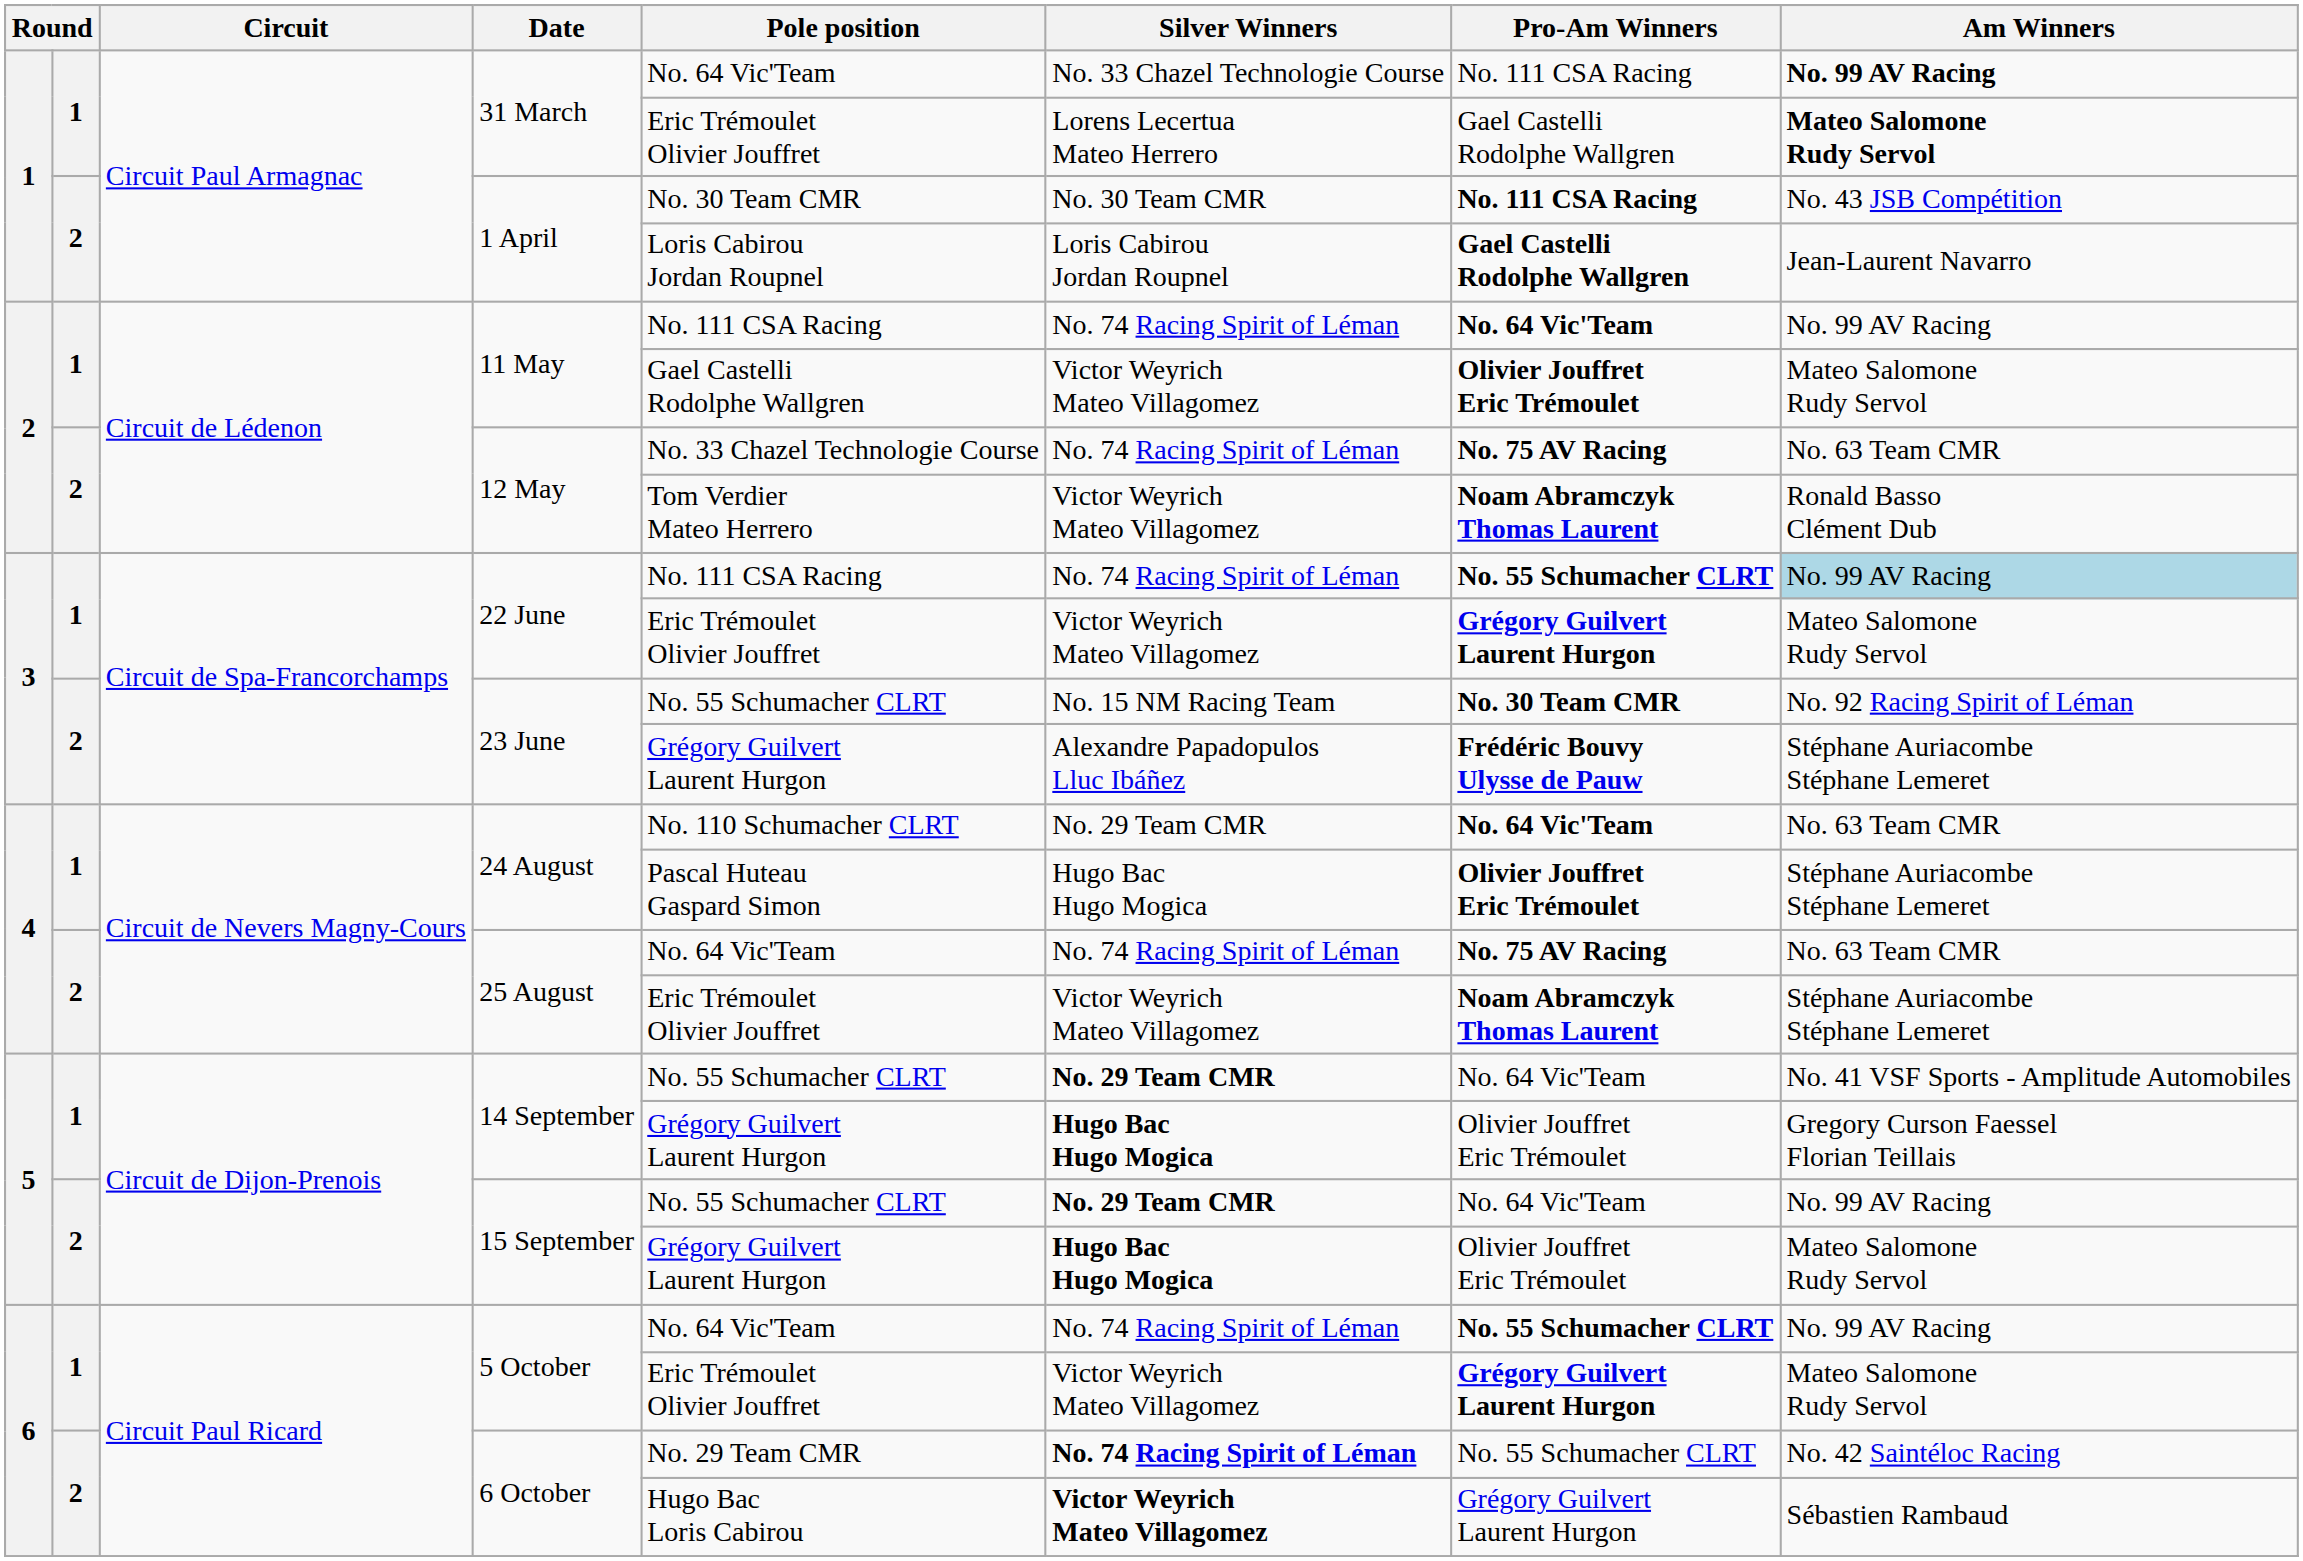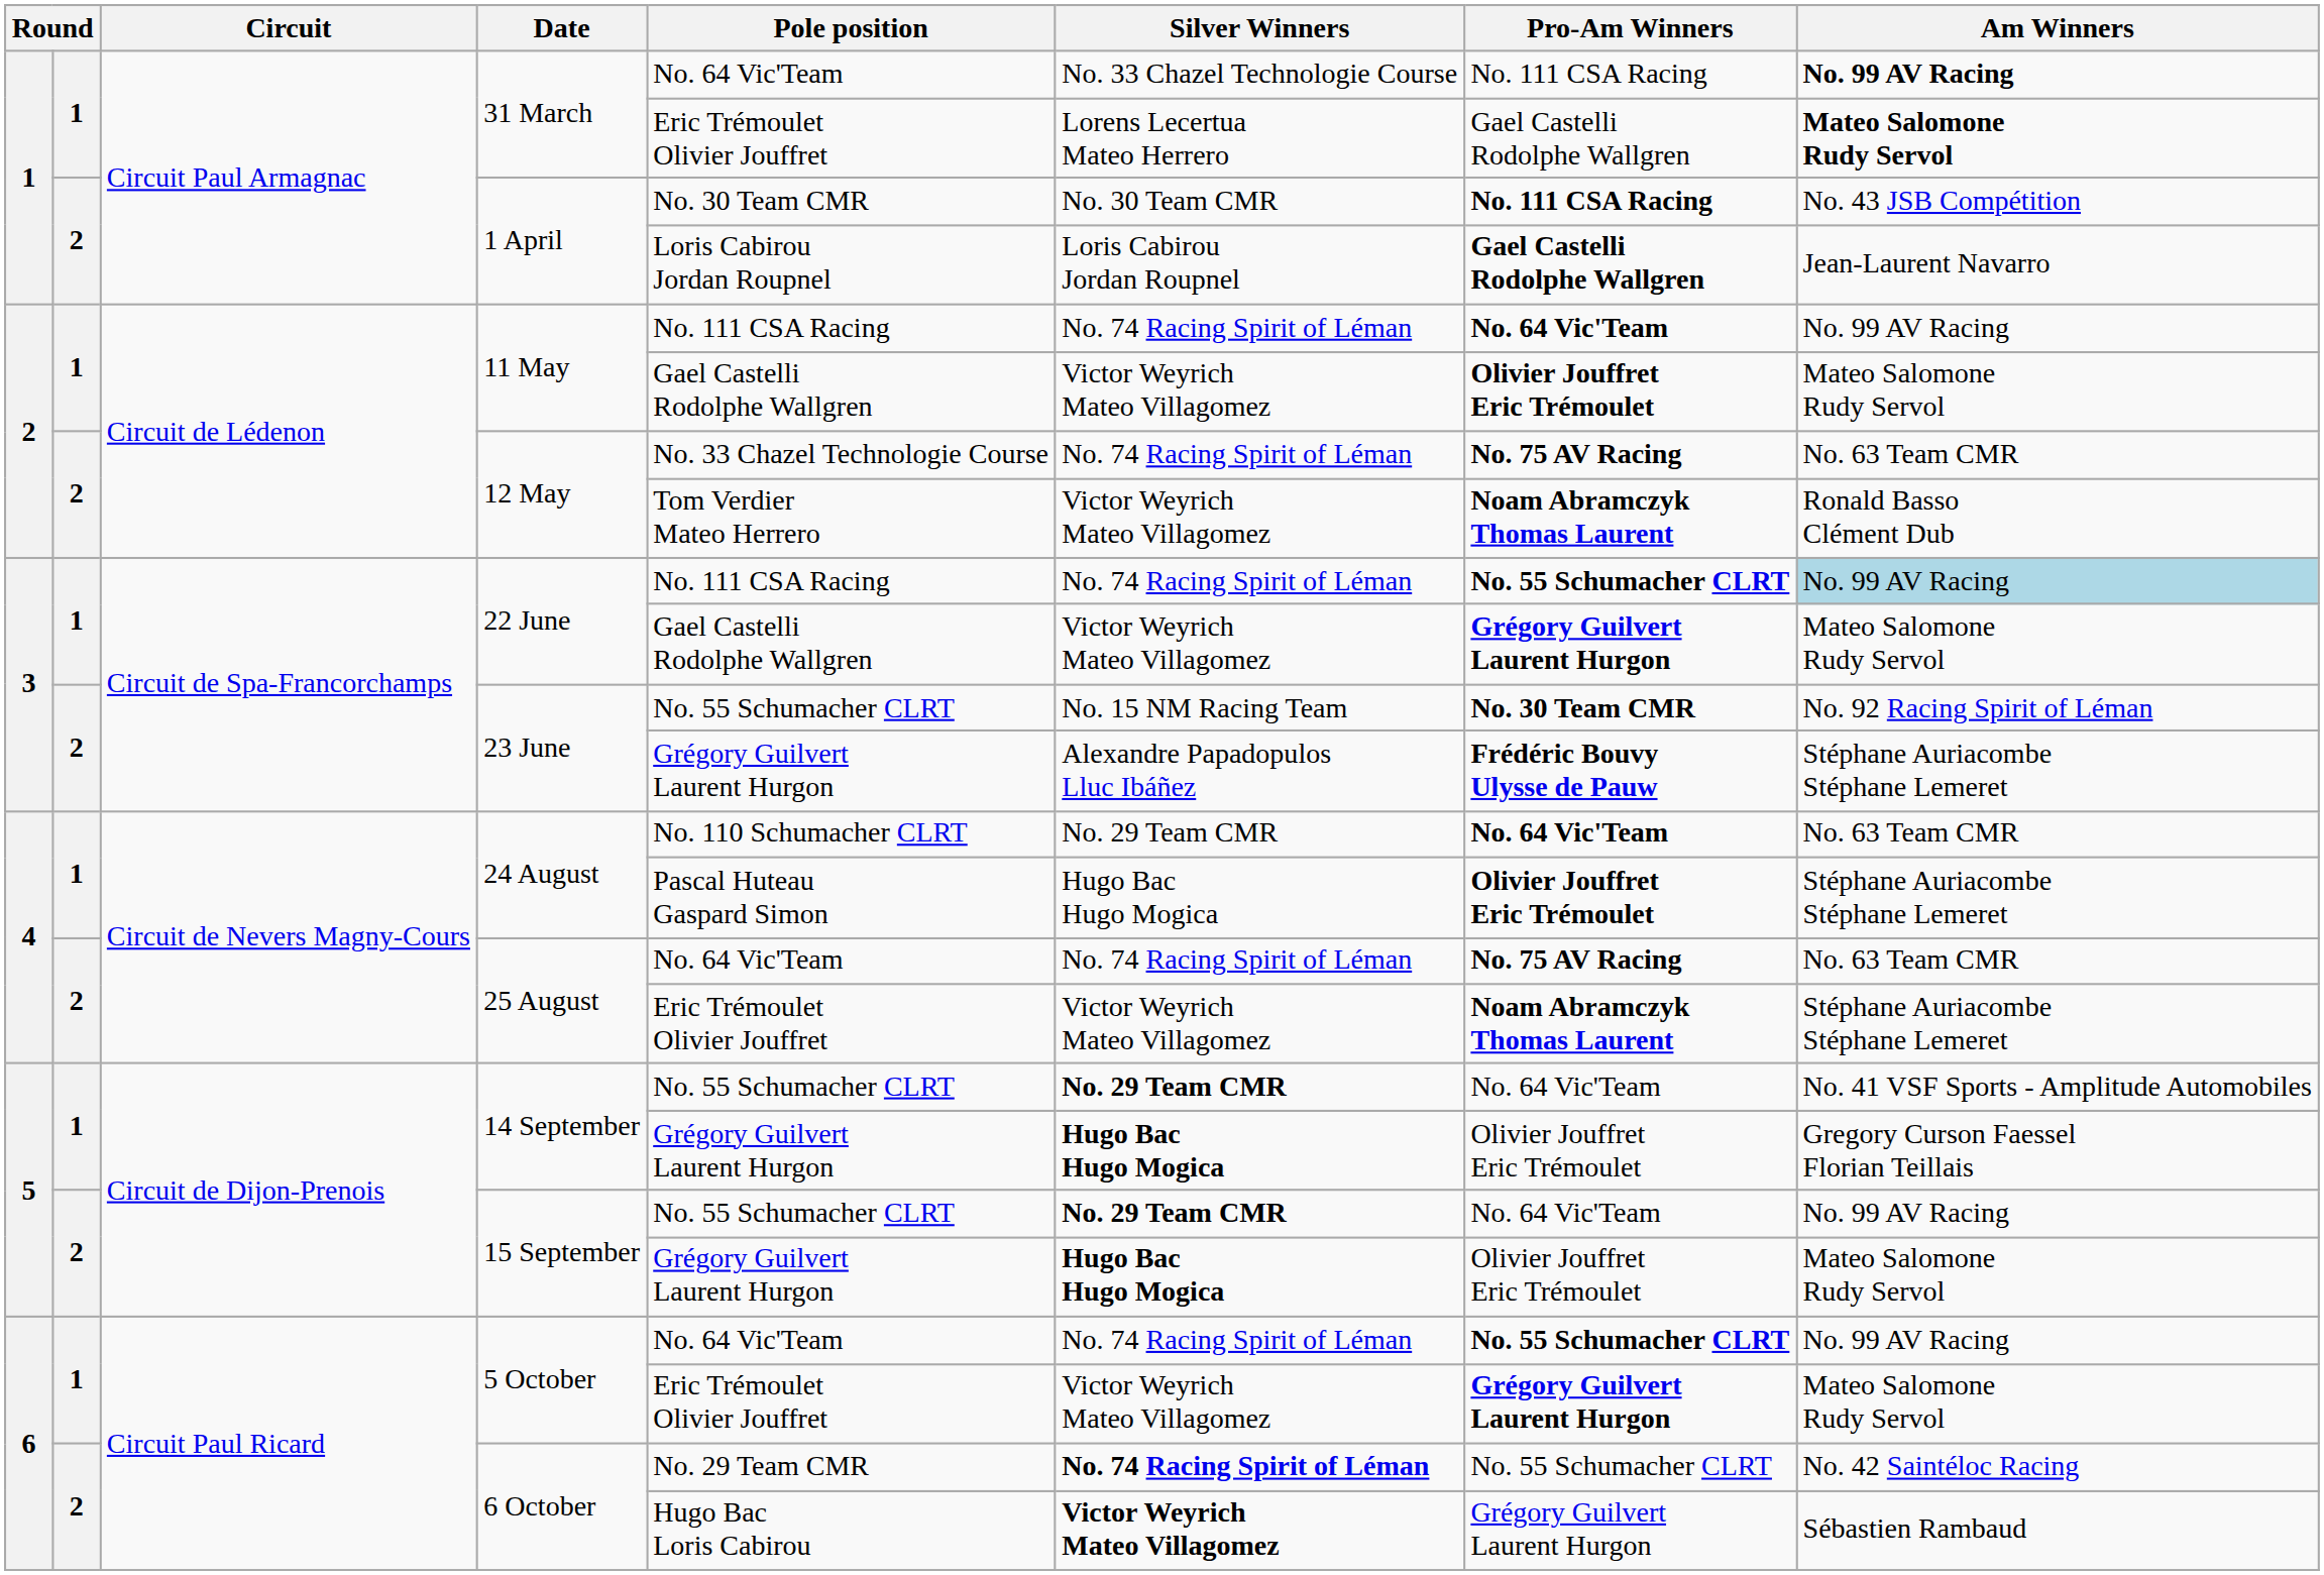 <table class="wikitable" style="font-size:85%;">
 <tr>
 <th colspan="2">Round</th>
 <th>Circuit</th>
 <th>Date</th>
 <th>Pole position</th>
 <th>Silver Winners</th>
 <th>Pro-Am Winners</th>
 <th>Am Winners</th>
 </tr>
 <tr>
 <th rowspan=4>1</th>
 <th rowspan=2>1</th>
 <td rowspan=4> <a href='#'>Circuit Paul Armagnac</a></td>
 <td rowspan=2>31 March</td>
 <td> No. 64 Vic'Team</td>
 <td> No. 33 Chazel Technologie Course</td>
 <td> No. 111 CSA Racing</td>
 <td><strong> No. 99 AV Racing</strong></td>
 </tr>
 <tr>
 <td> Eric Trémoulet<br> Olivier Jouffret</td>
 <td> Lorens Lecertua<br> Mateo Herrero</td>
 <td> Gael Castelli<br> Rodolphe Wallgren</td>
 <td><strong> Mateo Salomone<br> Rudy Servol</strong></td>
 </tr>
 <tr>
 <th rowspan=2>2</th>
 <td rowspan=2>1 April</td>
 <td> No. 30 Team CMR</td>
 <td> No. 30 Team CMR</td>
 <td><strong> No. 111 CSA Racing</strong></td>
 <td> No. 43 <a href='#'>JSB Compétition</a></td>
 </tr>
 <tr>
 <td> Loris Cabirou<br> Jordan Roupnel</td>
 <td> Loris Cabirou<br> Jordan Roupnel</td>
 <td><strong> Gael Castelli<br> Rodolphe Wallgren</strong></td>
 <td> Jean-Laurent Navarro</td>
 </tr>
 <tr>
 <th rowspan=4>2</th>
 <th rowspan=2>1</th>
 <td rowspan=4> <a href='#'>Circuit de Lédenon</a></td>
 <td rowspan=2>11 May</td>
 <td> No. 111 CSA Racing</td>
 <td> No. 74 <a href='#'>Racing Spirit of Léman</a></td>
 <td><strong> No. 64 Vic'Team</strong></td>
 <td> No. 99 AV Racing</td>
 </tr>
 <tr>
 <td> Gael Castelli<br> Rodolphe Wallgren</td>
 <td> Victor Weyrich<br> Mateo Villagomez</td>
 <td><strong> Olivier Jouffret<br> Eric Trémoulet</strong></td>
 <td> Mateo Salomone<br> Rudy Servol</td>
 </tr>
 <tr>
 <th rowspan=2>2</th>
 <td rowspan=2>12 May</td>
 <td> No. 33 Chazel Technologie Course</td>
 <td> No. 74 <a href='#'>Racing Spirit of Léman</a></td>
 <td><strong> No. 75 AV Racing</strong></td>
 <td> No. 63 Team CMR</td>
 </tr>
 <tr>
 <td> Tom Verdier<br> Mateo Herrero</td>
 <td> Victor Weyrich<br> Mateo Villagomez</td>
 <td><strong> Noam Abramczyk<br> <a href='#'>Thomas Laurent</a></strong></td>
 <td> Ronald Basso<br> Clément Dub</td>
 </tr>
 <tr>
 <th rowspan=4>3</th>
 <th rowspan=2>1</th>
 <td rowspan=4> <a href='#'>Circuit de Spa-Francorchamps</a></td>
 <td rowspan=2>22 June</td>
 <td> No. 111 CSA Racing</td>
 <td> No. 74 <a href='#'>Racing Spirit of Léman</a></td>
 <td><strong> No. 55 Schumacher <a href='#'>CLRT</a></strong></td>
 <td style="background: lightblue;"> No. 99 AV Racing</td>
 </tr>
 <tr>
-<td> Eric Trémoulet<br> Olivier Jouffret</td>
+<td> Gael Castelli<br> Rodolphe Wallgren</td>
 <td> Victor Weyrich<br> Mateo Villagomez</td>
 <td><strong> <a href='#'>Grégory Guilvert</a><br> Laurent Hurgon</strong></td>
 <td> Mateo Salomone<br> Rudy Servol</td>
 </tr>
 <tr>
 <th rowspan=2>2</th>
 <td rowspan=2>23 June</td>
 <td> No. 55 Schumacher <a href='#'>CLRT</a></td>
 <td> No. 15 NM Racing Team</td>
 <td><strong> No. 30 Team CMR</strong></td>
 <td> No. 92 <a href='#'>Racing Spirit of Léman</a></td>
 </tr>
 <tr>
 <td> <a href='#'>Grégory Guilvert</a><br> Laurent Hurgon</td>
 <td> Alexandre Papadopulos<br> <a href='#'>Lluc Ibáñez</a></td>
 <td><strong> Frédéric Bouvy<br> <a href='#'>Ulysse de Pauw</a></strong></td>
 <td> Stéphane Auriacombe<br> Stéphane Lemeret</td>
 </tr>
 <tr>
 <th rowspan=4>4</th>
 <th rowspan=2>1</th>
 <td rowspan=4> <a href='#'>Circuit de Nevers Magny-Cours</a></td>
 <td rowspan=2>24 August</td>
 <td> No. 110 Schumacher <a href='#'>CLRT</a></td>
 <td> No. 29 Team CMR</td>
 <td><strong> No. 64 Vic'Team</strong></td>
 <td> No. 63 Team CMR</td>
 </tr>
 <tr>
 <td> Pascal Huteau<br> Gaspard Simon</td>
 <td> Hugo Bac<br> Hugo Mogica</td>
 <td><strong> Olivier Jouffret<br> Eric Trémoulet</strong></td>
 <td> Stéphane Auriacombe<br> Stéphane Lemeret</td>
 </tr>
 <tr>
 <th rowspan=2>2</th>
 <td rowspan=2>25 August</td>
 <td> No. 64 Vic'Team</td>
 <td> No. 74 <a href='#'>Racing Spirit of Léman</a></td>
 <td><strong> No. 75 AV Racing</strong></td>
 <td> No. 63 Team CMR</td>
 </tr>
 <tr>
 <td> Eric Trémoulet<br> Olivier Jouffret</td>
 <td> Victor Weyrich<br> Mateo Villagomez</td>
 <td><strong> Noam Abramczyk<br> <a href='#'>Thomas Laurent</a></strong></td>
 <td> Stéphane Auriacombe<br> Stéphane Lemeret</td>
 </tr>
 <tr>
 <th rowspan=4>5</th>
 <th rowspan=2>1</th>
 <td rowspan=4> <a href='#'>Circuit de Dijon-Prenois</a></td>
 <td rowspan=2>14 September</td>
 <td> No. 55 Schumacher <a href='#'>CLRT</a></td>
 <td><strong> No. 29 Team CMR</strong></td>
 <td> No. 64 Vic'Team</td>
 <td> No. 41 VSF Sports - Amplitude Automobiles</td>
 </tr>
 <tr>
 <td> <a href='#'>Grégory Guilvert</a><br> Laurent Hurgon</td>
 <td><strong> Hugo Bac<br> Hugo Mogica</strong></td>
 <td> Olivier Jouffret<br> Eric Trémoulet</td>
 <td> Gregory Curson Faessel<br> Florian Teillais</td>
 </tr>
 <tr>
 <th rowspan=2>2</th>
 <td rowspan=2>15 September</td>
 <td> No. 55 Schumacher <a href='#'>CLRT</a></td>
 <td><strong> No. 29 Team CMR</strong></td>
 <td> No. 64 Vic'Team</td>
 <td> No. 99 AV Racing</td>
 </tr>
 <tr>
 <td> <a href='#'>Grégory Guilvert</a><br> Laurent Hurgon</td>
 <td><strong> Hugo Bac<br> Hugo Mogica</strong></td>
 <td> Olivier Jouffret<br> Eric Trémoulet</td>
 <td> Mateo Salomone<br> Rudy Servol</td>
 </tr>
 <tr>
 <th rowspan=4>6</th>
 <th rowspan=2>1</th>
 <td rowspan=4> <a href='#'>Circuit Paul Ricard</a></td>
 <td rowspan=2>5 October</td>
 <td> No. 64 Vic'Team</td>
 <td> No. 74 <a href='#'>Racing Spirit of Léman</a></td>
 <td><strong> No. 55 Schumacher <a href='#'>CLRT</a></strong></td>
 <td> No. 99 AV Racing</td>
 </tr>
 <tr>
 <td> Eric Trémoulet<br> Olivier Jouffret</td>
 <td> Victor Weyrich<br> Mateo Villagomez</td>
 <td><strong> <a href='#'>Grégory Guilvert</a><br> Laurent Hurgon</strong></td>
 <td> Mateo Salomone<br> Rudy Servol</td>
 </tr>
 <tr>
 <th rowspan=2>2</th>
 <td rowspan=2>6 October</td>
 <td> No. 29 Team CMR</td>
 <td> <strong>No. 74 <a href='#'>Racing Spirit of Léman</a></strong></td>
 <td> No. 55 Schumacher <a href='#'>CLRT</a></td>
 <td> No. 42 <a href='#'>Saintéloc Racing</a></td>
 </tr>
 <tr>
 <td> Hugo Bac<br> Loris Cabirou</td>
 <td><strong> Victor Weyrich<br> Mateo Villagomez</strong></td>
 <td> <a href='#'>Grégory Guilvert</a><br> Laurent Hurgon</td>
 <td> Sébastien Rambaud</td>
 </tr>
 <tr>
 </tr>
 </table>
